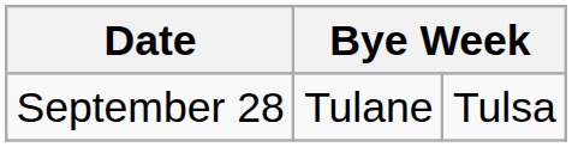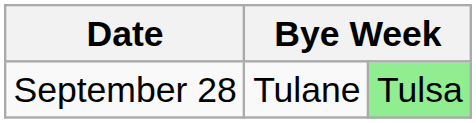 <table class="wikitable" style="font-size:95%;">
 <tr>
 <th>Date</th>
 <th colspan="3">Bye Week</th>
 </tr>
 <tr>
 <td>September 28</td>
 <td>Tulane</td>
-<td>Tulsa</td>
+<td style="background: lightgreen;">Tulsa</td>
 </tr>
 </table>
